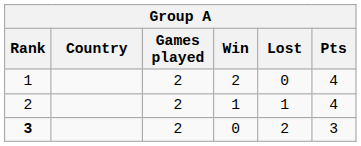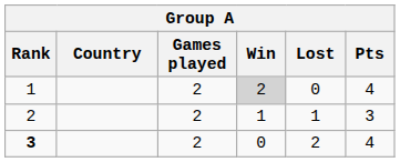 <table class="wikitable" style= "text-align: center; Width:50%">
 <tr>
 <th colspan= 6>Group A</th>
 </tr>
 <tr>
 <th width=2%>Rank</th>
 <th width=10%>Country</th>
 <th width=5%>Games <br> played</th>
 <th width=5%>Win</th>
 <th width=5%>Lost</th>
 <th width=5%>Pts</th>
 </tr>
 <tr>
 <td>1</td>
 <td style= "text-align: left"></td>
 <td>2</td>
-<td>2</td>
+<td style="background: lightgrey;">2</td>
 <td>0</td>
 <td>4</td>
 </tr>
 <tr>
 <td>2</td>
 <td style= "text-align: left"></td>
 <td>2</td>
 <td>1</td>
 <td>1</td>
-<td>4</td>
+<td>3</td>
 </tr>
 <tr>
 <td><strong>3</strong></td>
 <td style= "text-align: left"></td>
 <td>2</td>
 <td>0</td>
 <td>2</td>
-<td>3</td>
+<td>4</td>
 </tr>
 </table>
